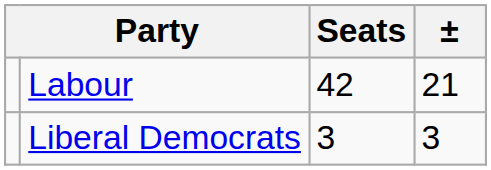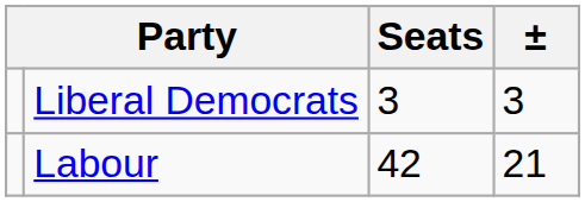 <table class="wikitable">
 <tr>
 <th colspan="2">Party</th>
 <th>Seats</th>
 <th>  ±  </th>
 </tr>
 <tr>
 <td style="background-color: "></td>
+<td><a href='#'>Liberal Democrats</a></td>
+<td>3</td>
+<td>3</td>
+</tr>
+<tr>
+<td style="background-color: "></td>
 <td><a href='#'>Labour</a></td>
 <td>42</td>
 <td>21</td>
 </tr>
-<tr>
-<td style="background-color: "></td>
-<td><a href='#'>Liberal Democrats</a></td>
-<td>3</td>
-<td>3</td>
-</tr>
 </table>
